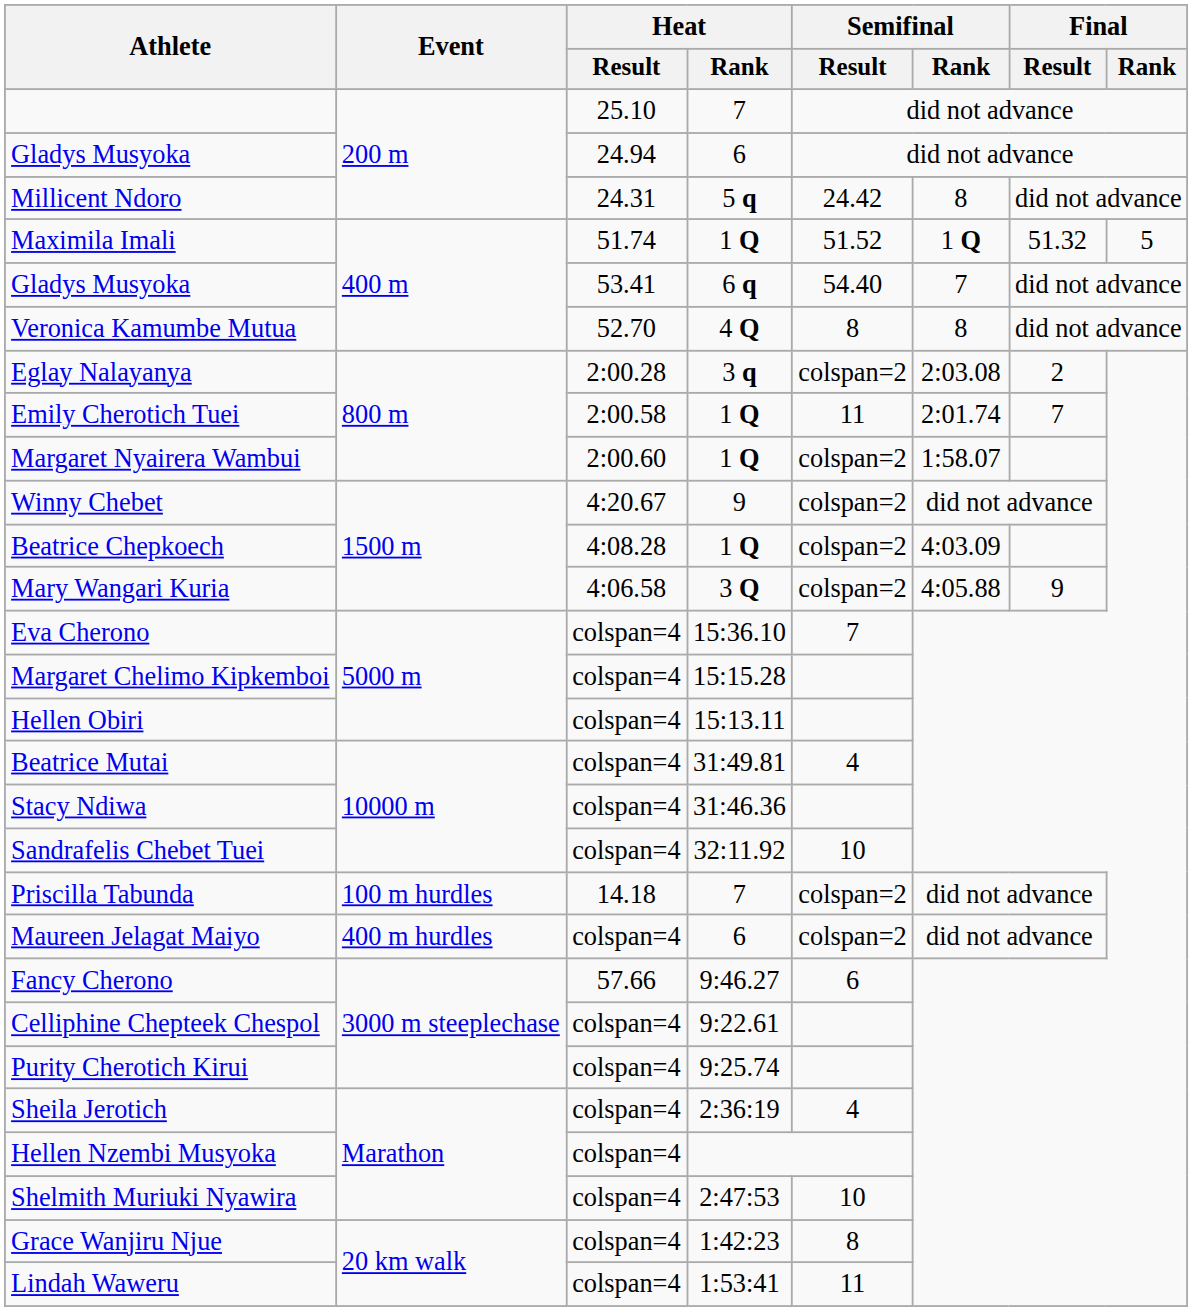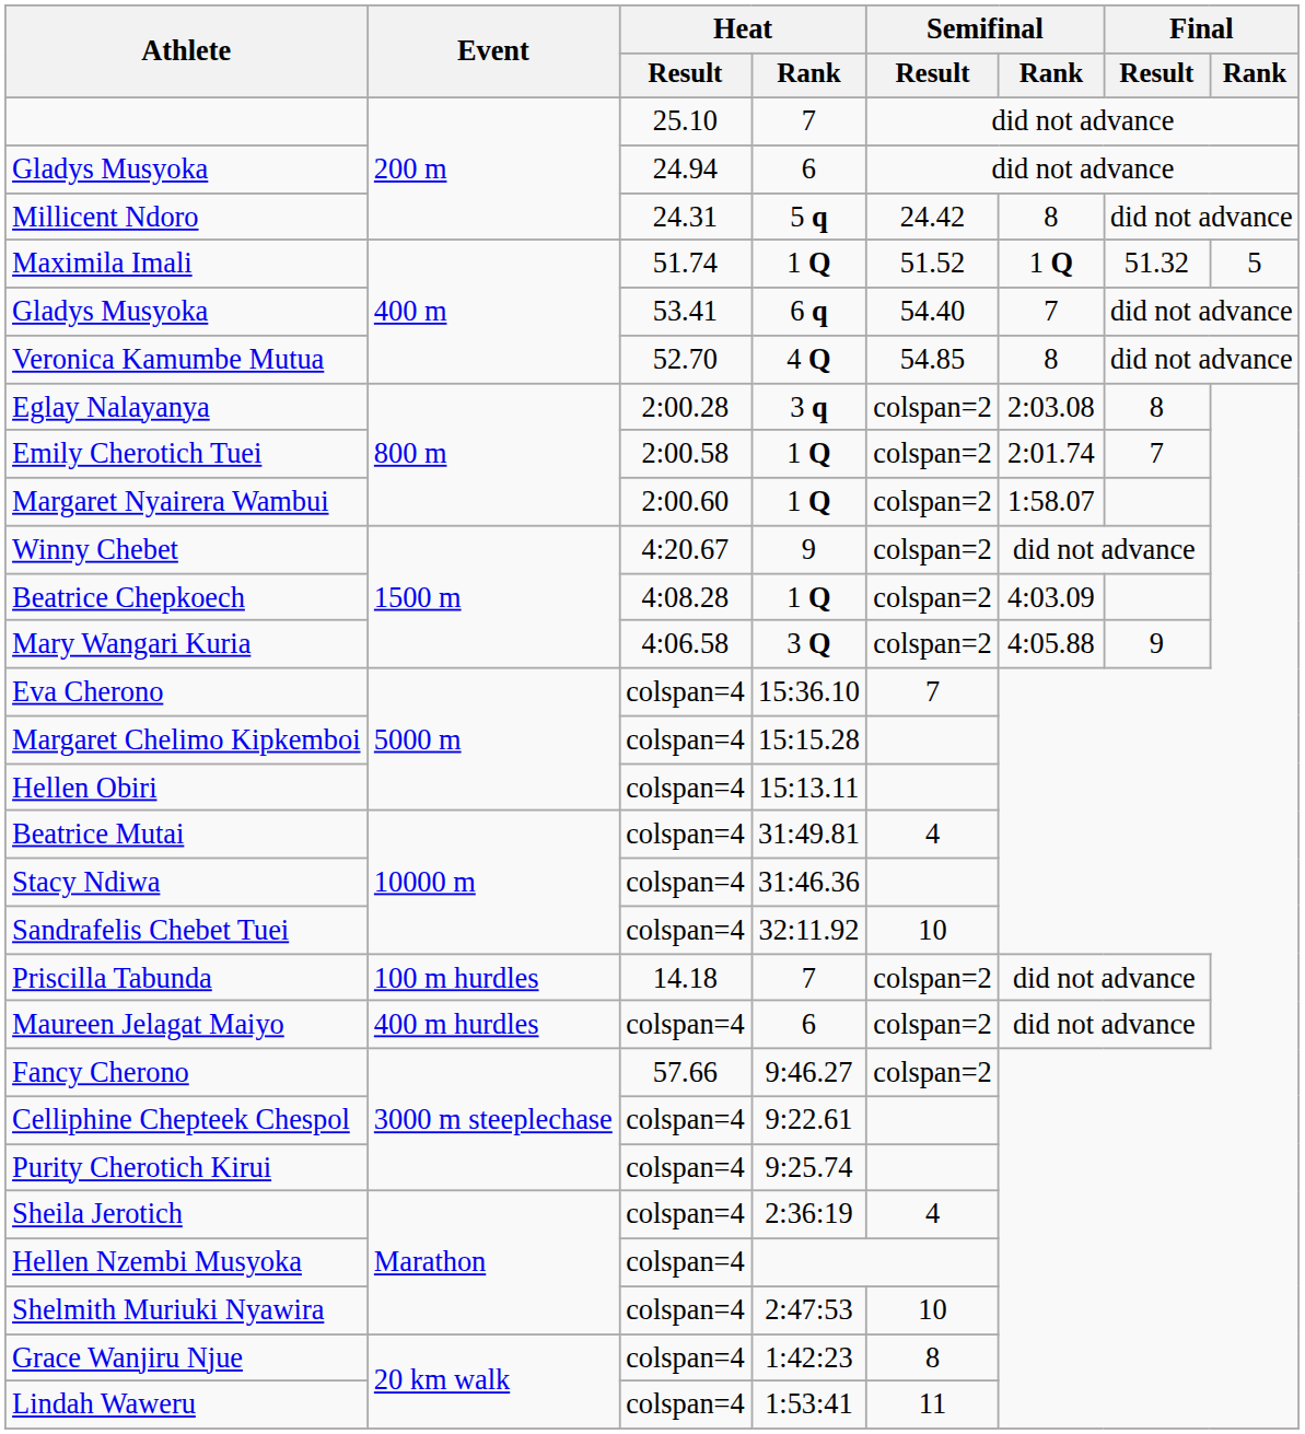 <table class="wikitable" style="font-size:90%">
 <tr>
 <th rowspan=2>Athlete</th>
 <th rowspan=2>Event</th>
 <th colspan=2>Heat</th>
 <th colspan=2>Semifinal</th>
 <th colspan=2>Final</th>
 </tr>
 <tr style="font-size:95%">
 <th>Result</th>
 <th>Rank</th>
 <th>Result</th>
 <th>Rank</th>
 <th>Result</th>
 <th>Rank</th>
 </tr>
 <tr align=center>
 <td align=left></td>
 <td align=left rowspan=3><a href='#'>200 m</a></td>
 <td>25.10</td>
 <td>7</td>
 <td Colspan=4>did not advance</td>
 </tr>
 <tr align=center>
 <td align=left><a href='#'>Gladys Musyoka</a></td>
 <td>24.94</td>
 <td>6</td>
 <td Colspan=4>did not advance</td>
 </tr>
 <tr align=center>
 <td align=left><a href='#'>Millicent Ndoro</a></td>
 <td>24.31</td>
 <td>5 <strong>q</strong></td>
 <td>24.42</td>
 <td>8</td>
 <td colspan=2>did not advance</td>
 </tr>
 <tr align=center>
 <td align=left><a href='#'>Maximila Imali</a></td>
 <td align=left rowspan=3><a href='#'>400 m</a></td>
 <td>51.74</td>
 <td>1 <strong>Q</strong></td>
 <td>51.52</td>
 <td>1 <strong>Q</strong></td>
 <td>51.32</td>
 <td>5</td>
 </tr>
 <tr align=center>
 <td align=left><a href='#'>Gladys Musyoka</a></td>
 <td>53.41</td>
 <td>6 <strong>q</strong></td>
 <td>54.40</td>
 <td>7</td>
 <td colspan=2>did not advance</td>
 </tr>
 <tr align=center>
 <td align=left><a href='#'>Veronica Kamumbe Mutua</a></td>
 <td>52.70</td>
 <td>4 <strong>Q</strong></td>
-<td>8</td>
+<td>54.85</td>
 <td>8</td>
 <td colspan=2>did not advance</td>
 </tr>
 <tr align=center>
 <td align=left><a href='#'>Eglay Nalayanya</a></td>
 <td align=left rowspan=3><a href='#'>800 m</a></td>
 <td>2:00.28</td>
 <td>3 <strong>q</strong></td>
 <td>colspan=2</td>
 <td>2:03.08</td>
-<td>2</td>
+<td>8</td>
 </tr>
 <tr align=center>
 <td align=left><a href='#'>Emily Cherotich Tuei</a></td>
 <td>2:00.58</td>
 <td>1 <strong>Q</strong></td>
-<td>11</td>
+<td>colspan=2</td>
 <td>2:01.74</td>
 <td>7</td>
 </tr>
 <tr align=center>
 <td align=left><a href='#'>Margaret Nyairera Wambui</a></td>
 <td>2:00.60</td>
 <td>1 <strong>Q</strong></td>
 <td>colspan=2</td>
 <td>1:58.07</td>
 <td></td>
 </tr>
 <tr align=center>
 <td align=left><a href='#'>Winny Chebet</a></td>
 <td align=left rowspan=3><a href='#'>1500 m</a></td>
 <td>4:20.67</td>
 <td>9</td>
 <td>colspan=2</td>
 <td colspan=2>did not advance</td>
 </tr>
 <tr align=center>
 <td align=left><a href='#'>Beatrice Chepkoech</a></td>
 <td>4:08.28</td>
 <td>1 <strong>Q</strong></td>
 <td>colspan=2</td>
 <td>4:03.09</td>
 <td></td>
 </tr>
 <tr align=center>
 <td align=left><a href='#'>Mary Wangari Kuria</a></td>
 <td>4:06.58</td>
 <td>3 <strong>Q</strong></td>
 <td>colspan=2</td>
 <td>4:05.88</td>
 <td>9</td>
 </tr>
 <tr align=center>
 <td align=left><a href='#'>Eva Cherono</a></td>
 <td align=left rowspan=3><a href='#'>5000 m</a></td>
 <td>colspan=4</td>
 <td>15:36.10</td>
 <td>7</td>
 </tr>
 <tr align=center>
 <td align=left><a href='#'>Margaret Chelimo Kipkemboi</a></td>
 <td>colspan=4</td>
 <td>15:15.28</td>
 <td></td>
 </tr>
 <tr align=center>
 <td align=left><a href='#'>Hellen Obiri</a></td>
 <td>colspan=4</td>
 <td>15:13.11</td>
 <td></td>
 </tr>
 <tr align=center>
 <td align=left><a href='#'>Beatrice Mutai</a></td>
 <td align=left rowspan=3><a href='#'>10000 m</a></td>
 <td>colspan=4</td>
 <td>31:49.81</td>
 <td>4</td>
 </tr>
 <tr align=center>
 <td align=left><a href='#'>Stacy Ndiwa</a></td>
 <td>colspan=4</td>
 <td>31:46.36</td>
 <td></td>
 </tr>
 <tr align=center>
 <td align=left><a href='#'>Sandrafelis Chebet Tuei</a></td>
 <td>colspan=4</td>
 <td>32:11.92</td>
 <td>10</td>
 </tr>
 <tr align=center>
 <td align=left><a href='#'>Priscilla Tabunda</a></td>
 <td align=left><a href='#'>100 m hurdles</a></td>
 <td>14.18</td>
 <td>7</td>
 <td>colspan=2</td>
 <td colspan=2>did not advance</td>
 </tr>
 <tr align=center>
 <td align=left><a href='#'>Maureen Jelagat Maiyo</a></td>
 <td align=left><a href='#'>400 m hurdles</a></td>
 <td>colspan=4</td>
 <td>6</td>
 <td>colspan=2</td>
 <td colspan=2>did not advance</td>
 </tr>
 <tr align=center>
 <td align=left><a href='#'>Fancy Cherono</a></td>
 <td align=left rowspan=3><a href='#'>3000 m steeplechase</a></td>
 <td>57.66</td>
 <td>9:46.27</td>
-<td>6</td>
+<td>colspan=2</td>
 </tr>
 <tr align=center>
 <td align=left><a href='#'>Celliphine Chepteek Chespol</a></td>
 <td>colspan=4</td>
 <td>9:22.61</td>
 <td></td>
 </tr>
 <tr align=center>
 <td align=left><a href='#'>Purity Cherotich Kirui</a></td>
 <td>colspan=4</td>
 <td>9:25.74</td>
 <td></td>
 </tr>
 <tr align=center>
 <td align=left><a href='#'>Sheila Jerotich</a></td>
 <td align=left rowspan=3><a href='#'>Marathon</a></td>
 <td>colspan=4</td>
 <td>2:36:19</td>
 <td>4</td>
 </tr>
 <tr align=center>
 <td align=left><a href='#'>Hellen Nzembi Musyoka</a></td>
 <td>colspan=4</td>
 <td colspan=2></td>
 </tr>
 <tr align=center>
 <td align=left><a href='#'>Shelmith Muriuki Nyawira</a></td>
 <td>colspan=4</td>
 <td>2:47:53</td>
 <td>10</td>
 </tr>
 <tr align=center>
 <td align=left><a href='#'>Grace Wanjiru Njue</a></td>
 <td align=left rowspan=2><a href='#'>20 km walk</a></td>
 <td>colspan=4</td>
 <td>1:42:23</td>
 <td>8</td>
 </tr>
 <tr align=center>
 <td align=left><a href='#'>Lindah Waweru</a></td>
 <td>colspan=4</td>
 <td>1:53:41</td>
 <td>11</td>
 </tr>
 </table>
